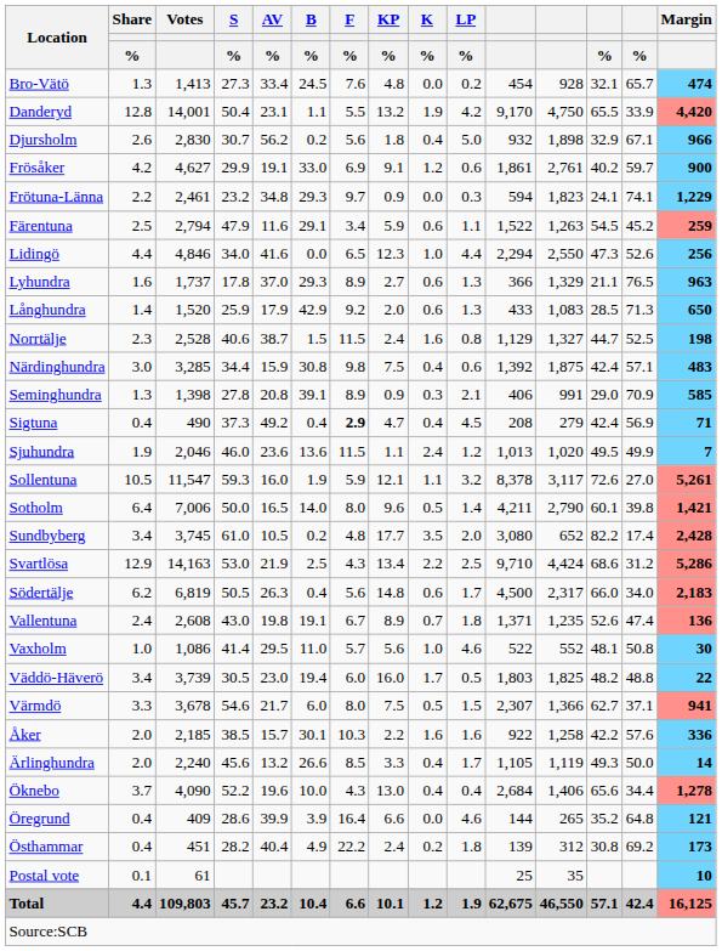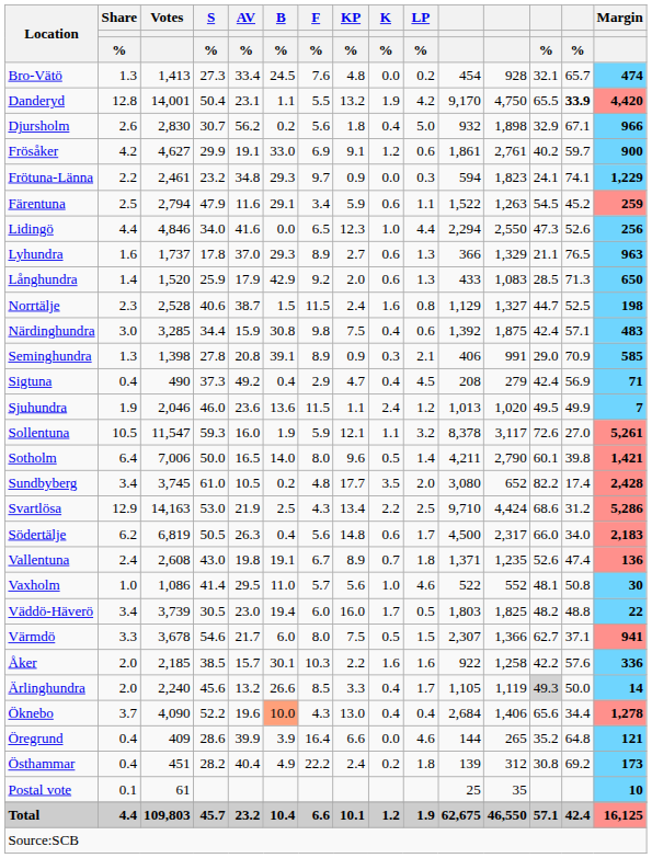 <table class="wikitable sortable" style="text-align:right; font-size:95%; line-height:20px;">
 <tr>
 <th rowspan="3">Location</th>
 <th>Share</th>
 <th>Votes</th>
 <th width="30px" class="unsortable"><a href='#'>S</a></th>
 <th width="30px" class="unsortable"><a href='#'>AV</a></th>
 <th width="30px" class="unsortable"><a href='#'>B</a></th>
 <th width="30px" class="unsortable"><a href='#'>F</a></th>
 <th width="30px" class="unsortable"><a href='#'>KP</a></th>
 <th width="30px" class="unsortable"><a href='#'>K</a></th>
 <th width="30px" class="unsortable"><a href='#'>LP</a></th>
 <th></th>
 <th></th>
 <th></th>
 <th></th>
 <th>Margin</th>
 </tr>
 <tr>
 <th></th>
 <th></th>
 <th style="background:"></th>
 <th style="background:"></th>
 <th style="background:"></th>
 <th style="background:"></th>
 <th style="background:"></th>
 <th style="background:"></th>
 <th style="background:"></th>
 <th style="background:"></th>
 <th style="background:"></th>
 <th style="background:"></th>
 <th style="background:"></th>
 <th></th>
 </tr>
 <tr>
 <th data-sort-type="number">%</th>
 <th></th>
 <th data-sort-type="number">%</th>
 <th data-sort-type="number">%</th>
 <th data-sort-type="number">%</th>
 <th data-sort-type="number">%</th>
 <th data-sort-type="number">%</th>
 <th data-sort-type="number">%</th>
 <th data-sort-type="number">%</th>
 <th></th>
 <th></th>
 <th data-sort-type="number">%</th>
 <th data-sort-type="number">%</th>
 <th></th>
 </tr>
 <tr>
 <td align=left><a href='#'>Bro-Vätö</a></td>
 <td>1.3</td>
 <td>1,413</td>
 <td>27.3</td>
 <td>33.4</td>
 <td>24.5</td>
 <td>7.6</td>
 <td>4.8</td>
 <td>0.0</td>
 <td>0.2</td>
 <td>454</td>
 <td>928</td>
 <td>32.1</td>
 <td>65.7</td>
 <td bgcolor=#6fd5fe><strong>474</strong></td>
 </tr>
 <tr>
 <td align=left><a href='#'>Danderyd</a></td>
 <td>12.8</td>
 <td>14,001</td>
 <td>50.4</td>
 <td>23.1</td>
 <td>1.1</td>
 <td>5.5</td>
 <td>13.2</td>
 <td>1.9</td>
 <td>4.2</td>
 <td>9,170</td>
 <td>4,750</td>
 <td>65.5</td>
-<td>33.9</td>
+<td><strong>33.9</strong></td>
 <td bgcolor=#ff908c><strong>4,420</strong></td>
 </tr>
 <tr>
 <td align=left><a href='#'>Djursholm</a></td>
 <td>2.6</td>
 <td>2,830</td>
 <td>30.7</td>
 <td>56.2</td>
 <td>0.2</td>
 <td>5.6</td>
 <td>1.8</td>
 <td>0.4</td>
 <td>5.0</td>
 <td>932</td>
 <td>1,898</td>
 <td>32.9</td>
 <td>67.1</td>
 <td bgcolor=#6fd5fe><strong>966</strong></td>
 </tr>
 <tr>
 <td align=left><a href='#'>Frösåker</a></td>
 <td>4.2</td>
 <td>4,627</td>
 <td>29.9</td>
 <td>19.1</td>
 <td>33.0</td>
 <td>6.9</td>
 <td>9.1</td>
 <td>1.2</td>
 <td>0.6</td>
 <td>1,861</td>
 <td>2,761</td>
 <td>40.2</td>
 <td>59.7</td>
 <td bgcolor=#6fd5fe><strong>900</strong></td>
 </tr>
 <tr>
 <td align=left><a href='#'>Frötuna-Länna</a></td>
 <td>2.2</td>
 <td>2,461</td>
 <td>23.2</td>
 <td>34.8</td>
 <td>29.3</td>
 <td>9.7</td>
 <td>0.9</td>
 <td>0.0</td>
 <td>0.3</td>
 <td>594</td>
 <td>1,823</td>
 <td>24.1</td>
 <td>74.1</td>
 <td bgcolor=#6fd5fe><strong>1,229</strong></td>
 </tr>
 <tr>
 <td align=left><a href='#'>Färentuna</a></td>
 <td>2.5</td>
 <td>2,794</td>
 <td>47.9</td>
 <td>11.6</td>
 <td>29.1</td>
 <td>3.4</td>
 <td>5.9</td>
 <td>0.6</td>
 <td>1.1</td>
 <td>1,522</td>
 <td>1,263</td>
 <td>54.5</td>
 <td>45.2</td>
 <td bgcolor=#ff908c><strong>259</strong></td>
 </tr>
 <tr>
 <td align=left><a href='#'>Lidingö</a></td>
 <td>4.4</td>
 <td>4,846</td>
 <td>34.0</td>
 <td>41.6</td>
 <td>0.0</td>
 <td>6.5</td>
 <td>12.3</td>
 <td>1.0</td>
 <td>4.4</td>
 <td>2,294</td>
 <td>2,550</td>
 <td>47.3</td>
 <td>52.6</td>
 <td bgcolor=#6fd5fe><strong>256</strong></td>
 </tr>
 <tr>
 <td align=left><a href='#'>Lyhundra</a></td>
 <td>1.6</td>
 <td>1,737</td>
 <td>17.8</td>
 <td>37.0</td>
 <td>29.3</td>
 <td>8.9</td>
 <td>2.7</td>
 <td>0.6</td>
 <td>1.3</td>
 <td>366</td>
 <td>1,329</td>
 <td>21.1</td>
 <td>76.5</td>
 <td bgcolor=#6fd5fe><strong>963</strong></td>
 </tr>
 <tr>
 <td align=left><a href='#'>Långhundra</a></td>
 <td>1.4</td>
 <td>1,520</td>
 <td>25.9</td>
 <td>17.9</td>
 <td>42.9</td>
 <td>9.2</td>
 <td>2.0</td>
 <td>0.6</td>
 <td>1.3</td>
 <td>433</td>
 <td>1,083</td>
 <td>28.5</td>
 <td>71.3</td>
 <td bgcolor=#6fd5fe><strong>650</strong></td>
 </tr>
 <tr>
 <td align=left><a href='#'>Norrtälje</a></td>
 <td>2.3</td>
 <td>2,528</td>
 <td>40.6</td>
 <td>38.7</td>
 <td>1.5</td>
 <td>11.5</td>
 <td>2.4</td>
 <td>1.6</td>
 <td>0.8</td>
 <td>1,129</td>
 <td>1,327</td>
 <td>44.7</td>
 <td>52.5</td>
 <td bgcolor=#6fd5fe><strong>198</strong></td>
 </tr>
 <tr>
 <td align=left><a href='#'>Närdinghundra</a></td>
 <td>3.0</td>
 <td>3,285</td>
 <td>34.4</td>
 <td>15.9</td>
 <td>30.8</td>
 <td>9.8</td>
 <td>7.5</td>
 <td>0.4</td>
 <td>0.6</td>
 <td>1,392</td>
 <td>1,875</td>
 <td>42.4</td>
 <td>57.1</td>
 <td bgcolor=#6fd5fe><strong>483</strong></td>
 </tr>
 <tr>
 <td align=left><a href='#'>Seminghundra</a></td>
 <td>1.3</td>
 <td>1,398</td>
 <td>27.8</td>
 <td>20.8</td>
 <td>39.1</td>
 <td>8.9</td>
 <td>0.9</td>
 <td>0.3</td>
 <td>2.1</td>
 <td>406</td>
 <td>991</td>
 <td>29.0</td>
 <td>70.9</td>
 <td bgcolor=#6fd5fe><strong>585</strong></td>
 </tr>
 <tr>
 <td align=left><a href='#'>Sigtuna</a></td>
 <td>0.4</td>
 <td>490</td>
 <td>37.3</td>
 <td>49.2</td>
 <td>0.4</td>
-<td><strong>2.9</strong></td>
+<td>2.9</td>
 <td>4.7</td>
 <td>0.4</td>
 <td>4.5</td>
 <td>208</td>
 <td>279</td>
 <td>42.4</td>
 <td>56.9</td>
 <td bgcolor=#6fd5fe><strong>71</strong></td>
 </tr>
 <tr>
 <td align=left><a href='#'>Sjuhundra</a></td>
 <td>1.9</td>
 <td>2,046</td>
 <td>46.0</td>
 <td>23.6</td>
 <td>13.6</td>
 <td>11.5</td>
 <td>1.1</td>
 <td>2.4</td>
 <td>1.2</td>
 <td>1,013</td>
 <td>1,020</td>
 <td>49.5</td>
 <td>49.9</td>
 <td bgcolor=#6fd5fe><strong>7</strong></td>
 </tr>
 <tr>
 <td align=left><a href='#'>Sollentuna</a></td>
 <td>10.5</td>
 <td>11,547</td>
 <td>59.3</td>
 <td>16.0</td>
 <td>1.9</td>
 <td>5.9</td>
 <td>12.1</td>
 <td>1.1</td>
 <td>3.2</td>
 <td>8,378</td>
 <td>3,117</td>
 <td>72.6</td>
 <td>27.0</td>
 <td bgcolor=#ff908c><strong>5,261</strong></td>
 </tr>
 <tr>
 <td align=left><a href='#'>Sotholm</a></td>
 <td>6.4</td>
 <td>7,006</td>
 <td>50.0</td>
 <td>16.5</td>
 <td>14.0</td>
 <td>8.0</td>
 <td>9.6</td>
 <td>0.5</td>
 <td>1.4</td>
 <td>4,211</td>
 <td>2,790</td>
 <td>60.1</td>
 <td>39.8</td>
 <td bgcolor=#ff908c><strong>1,421</strong></td>
 </tr>
 <tr>
 <td align=left><a href='#'>Sundbyberg</a></td>
 <td>3.4</td>
 <td>3,745</td>
 <td>61.0</td>
 <td>10.5</td>
 <td>0.2</td>
 <td>4.8</td>
 <td>17.7</td>
 <td>3.5</td>
 <td>2.0</td>
 <td>3,080</td>
 <td>652</td>
 <td>82.2</td>
 <td>17.4</td>
 <td bgcolor=#ff908c><strong>2,428</strong></td>
 </tr>
 <tr>
 <td align=left><a href='#'>Svartlösa</a></td>
 <td>12.9</td>
 <td>14,163</td>
 <td>53.0</td>
 <td>21.9</td>
 <td>2.5</td>
 <td>4.3</td>
 <td>13.4</td>
 <td>2.2</td>
 <td>2.5</td>
 <td>9,710</td>
 <td>4,424</td>
 <td>68.6</td>
 <td>31.2</td>
 <td bgcolor=#ff908c><strong>5,286</strong></td>
 </tr>
 <tr>
 <td align=left><a href='#'>Södertälje</a></td>
 <td>6.2</td>
 <td>6,819</td>
 <td>50.5</td>
 <td>26.3</td>
 <td>0.4</td>
 <td>5.6</td>
 <td>14.8</td>
 <td>0.6</td>
 <td>1.7</td>
 <td>4,500</td>
 <td>2,317</td>
 <td>66.0</td>
 <td>34.0</td>
 <td bgcolor=#ff908c><strong>2,183</strong></td>
 </tr>
 <tr>
 <td align=left><a href='#'>Vallentuna</a></td>
 <td>2.4</td>
 <td>2,608</td>
 <td>43.0</td>
 <td>19.8</td>
 <td>19.1</td>
 <td>6.7</td>
 <td>8.9</td>
 <td>0.7</td>
 <td>1.8</td>
 <td>1,371</td>
 <td>1,235</td>
 <td>52.6</td>
 <td>47.4</td>
 <td bgcolor=#ff908c><strong>136</strong></td>
 </tr>
 <tr>
 <td align=left><a href='#'>Vaxholm</a></td>
 <td>1.0</td>
 <td>1,086</td>
 <td>41.4</td>
 <td>29.5</td>
 <td>11.0</td>
 <td>5.7</td>
 <td>5.6</td>
 <td>1.0</td>
 <td>4.6</td>
 <td>522</td>
 <td>552</td>
 <td>48.1</td>
 <td>50.8</td>
 <td bgcolor=#6fd5fe><strong>30</strong></td>
 </tr>
 <tr>
 <td align=left><a href='#'>Väddö-Häverö</a></td>
 <td>3.4</td>
 <td>3,739</td>
 <td>30.5</td>
 <td>23.0</td>
 <td>19.4</td>
 <td>6.0</td>
 <td>16.0</td>
 <td>1.7</td>
 <td>0.5</td>
 <td>1,803</td>
 <td>1,825</td>
 <td>48.2</td>
 <td>48.8</td>
 <td bgcolor=#6fd5fe><strong>22</strong></td>
 </tr>
 <tr>
 <td align=left><a href='#'>Värmdö</a></td>
 <td>3.3</td>
 <td>3,678</td>
 <td>54.6</td>
 <td>21.7</td>
 <td>6.0</td>
 <td>8.0</td>
 <td>7.5</td>
 <td>0.5</td>
 <td>1.5</td>
 <td>2,307</td>
 <td>1,366</td>
 <td>62.7</td>
 <td>37.1</td>
 <td bgcolor=#ff908c><strong>941</strong></td>
 </tr>
 <tr>
 <td align=left><a href='#'>Åker</a></td>
 <td>2.0</td>
 <td>2,185</td>
 <td>38.5</td>
 <td>15.7</td>
 <td>30.1</td>
 <td>10.3</td>
 <td>2.2</td>
 <td>1.6</td>
 <td>1.6</td>
 <td>922</td>
 <td>1,258</td>
 <td>42.2</td>
 <td>57.6</td>
 <td bgcolor=#6fd5fe><strong>336</strong></td>
 </tr>
 <tr>
 <td align=left><a href='#'>Ärlinghundra</a></td>
 <td>2.0</td>
 <td>2,240</td>
 <td>45.6</td>
 <td>13.2</td>
 <td>26.6</td>
 <td>8.5</td>
 <td>3.3</td>
 <td>0.4</td>
 <td>1.7</td>
 <td>1,105</td>
 <td>1,119</td>
-<td>49.3</td>
+<td style="background: lightgrey;">49.3</td>
 <td>50.0</td>
 <td bgcolor=#6fd5fe><strong>14</strong></td>
 </tr>
 <tr>
 <td align=left><a href='#'>Öknebo</a></td>
 <td>3.7</td>
 <td>4,090</td>
 <td>52.2</td>
 <td>19.6</td>
-<td>10.0</td>
+<td style="background: lightsalmon;">10.0</td>
 <td>4.3</td>
 <td>13.0</td>
 <td>0.4</td>
 <td>0.4</td>
 <td>2,684</td>
 <td>1,406</td>
 <td>65.6</td>
 <td>34.4</td>
 <td bgcolor=#ff908c><strong>1,278</strong></td>
 </tr>
 <tr>
 <td align=left><a href='#'>Öregrund</a></td>
 <td>0.4</td>
 <td>409</td>
 <td>28.6</td>
 <td>39.9</td>
 <td>3.9</td>
 <td>16.4</td>
 <td>6.6</td>
 <td>0.0</td>
 <td>4.6</td>
 <td>144</td>
 <td>265</td>
 <td>35.2</td>
 <td>64.8</td>
 <td bgcolor=#6fd5fe><strong>121</strong></td>
 </tr>
 <tr>
 <td align=left><a href='#'>Östhammar</a></td>
 <td>0.4</td>
 <td>451</td>
 <td>28.2</td>
 <td>40.4</td>
 <td>4.9</td>
 <td>22.2</td>
 <td>2.4</td>
 <td>0.2</td>
 <td>1.8</td>
 <td>139</td>
 <td>312</td>
 <td>30.8</td>
 <td>69.2</td>
 <td bgcolor=#6fd5fe><strong>173</strong></td>
 </tr>
 <tr>
 <td align=left><a href='#'>Postal vote</a></td>
 <td>0.1</td>
 <td>61</td>
 <td></td>
 <td></td>
 <td></td>
 <td></td>
 <td></td>
 <td></td>
 <td></td>
 <td>25</td>
 <td>35</td>
 <td></td>
 <td></td>
 <td bgcolor=#6fd5fe><strong>10</strong></td>
 </tr>
 <tr>
 </tr>
 <tr style="background:#CDCDCD;">
 <td align=left><strong>Total</strong></td>
 <td><strong>4.4</strong></td>
 <td><strong>109,803</strong></td>
 <td><strong>45.7</strong></td>
 <td><strong>23.2</strong></td>
 <td><strong>10.4</strong></td>
 <td><strong>6.6</strong></td>
 <td><strong>10.1</strong></td>
 <td><strong>1.2</strong></td>
 <td><strong>1.9</strong></td>
 <td><strong>62,675</strong></td>
 <td><strong>46,550</strong></td>
 <td><strong>57.1</strong></td>
 <td><strong>42.4</strong></td>
 <td bgcolor=#ff908c><strong>16,125</strong></td>
 </tr>
 <tr>
 <td align=left colspan=15>Source:SCB </td>
 </tr>
 </table>
